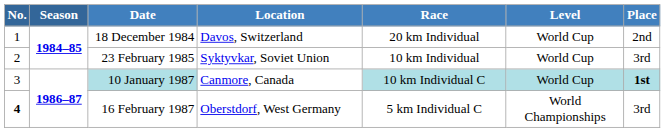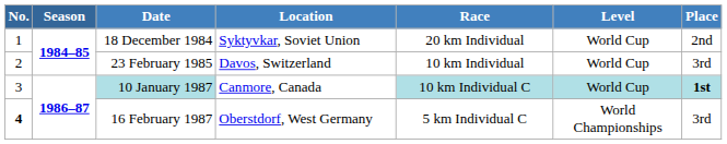 <table class="wikitable sortable" style="font-size:95%; text-align:center; border:grey solid 1px; border-collapse:collapse; background:#ffffff;">
 <tr style="background:#efefef;">
 <th style="background-color:#369; color:white;">No.</th>
 <th style="background-color:#369; color:white;">Season</th>
 <th style="background-color:#4180be; color:white; width:120px;">Date</th>
 <th style="background-color:#4180be; color:white; width:185px;">Location</th>
 <th style="background-color:#4180be; color:white; width:160px;">Race</th>
 <th style="background-color:#4180be; color:white; width:130px;">Level</th>
 <th style="background-color:#4180be; color:white;">Place</th>
 </tr>
 <tr>
 <td align=center>1</td>
 <td rowspan=2 align=center><strong> <a href='#'>1984–85</a> </strong></td>
 <td align=right>18 December 1984</td>
-<td align=left> <a href='#'>Davos</a>, Switzerland</td>
+<td align=left> <a href='#'>Syktyvkar</a>, Soviet Union</td>
 <td>20 km Individual</td>
 <td>World Cup</td>
 <td>2nd</td>
 </tr>
 <tr>
 <td align=center>2</td>
 <td align=right>23 February 1985</td>
-<td align=left> <a href='#'>Syktyvkar</a>, Soviet Union</td>
+<td align=left> <a href='#'>Davos</a>, Switzerland</td>
 <td>10 km Individual</td>
 <td>World Cup</td>
 <td>3rd</td>
 </tr>
 <tr>
 <td align=center>3</td>
 <td rowspan=2 align=center><strong><a href='#'>1986–87</a></strong></td>
 <td bgcolor="#BOEOE6" align=right>10 January 1987</td>
 <td align=left> <a href='#'>Canmore</a>, Canada</td>
 <td bgcolor="#BOEOE6">10 km Individual C</td>
 <td bgcolor="#BOEOE6">World Cup</td>
 <td bgcolor="#BOEOE6"><strong>1st</strong></td>
 </tr>
 <tr>
 <td align=center><strong>4</strong></td>
 <td align=right>16 February 1987</td>
 <td align=left> <a href='#'>Oberstdorf</a>, West Germany</td>
 <td>5 km Individual C</td>
 <td>World Championships</td>
 <td>3rd</td>
 </tr>
 </table>
